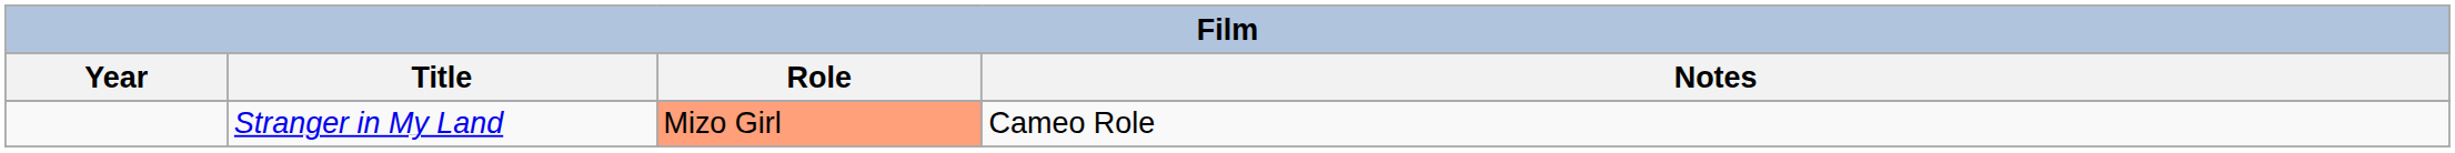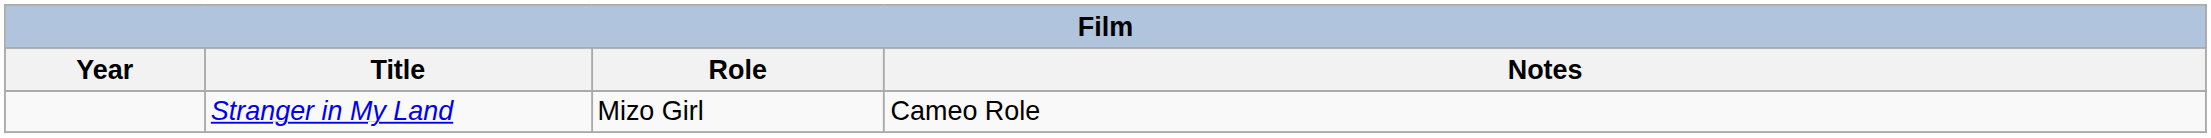 <table class="wikitable" style="font-size: 90%;">
 <tr>
 <th colspan="4" style="background: LightSteelBlue;">Film</th>
 </tr>
 <tr>
 <th style="width:100px;">Year</th>
 <th style="width:200px;">Title</th>
 <th style="width:150px;">Role</th>
 <th style="width:700px;">Notes</th>
 </tr>
 <tr>
 </tr>
 <tr>
 <td></td>
 <td><em><a href='#'>Stranger in My Land</a></em></td>
-<td style="background: lightsalmon;">Mizo Girl</td>
+<td>Mizo Girl</td>
 <td>Cameo Role</td>
 </tr>
 </table>
